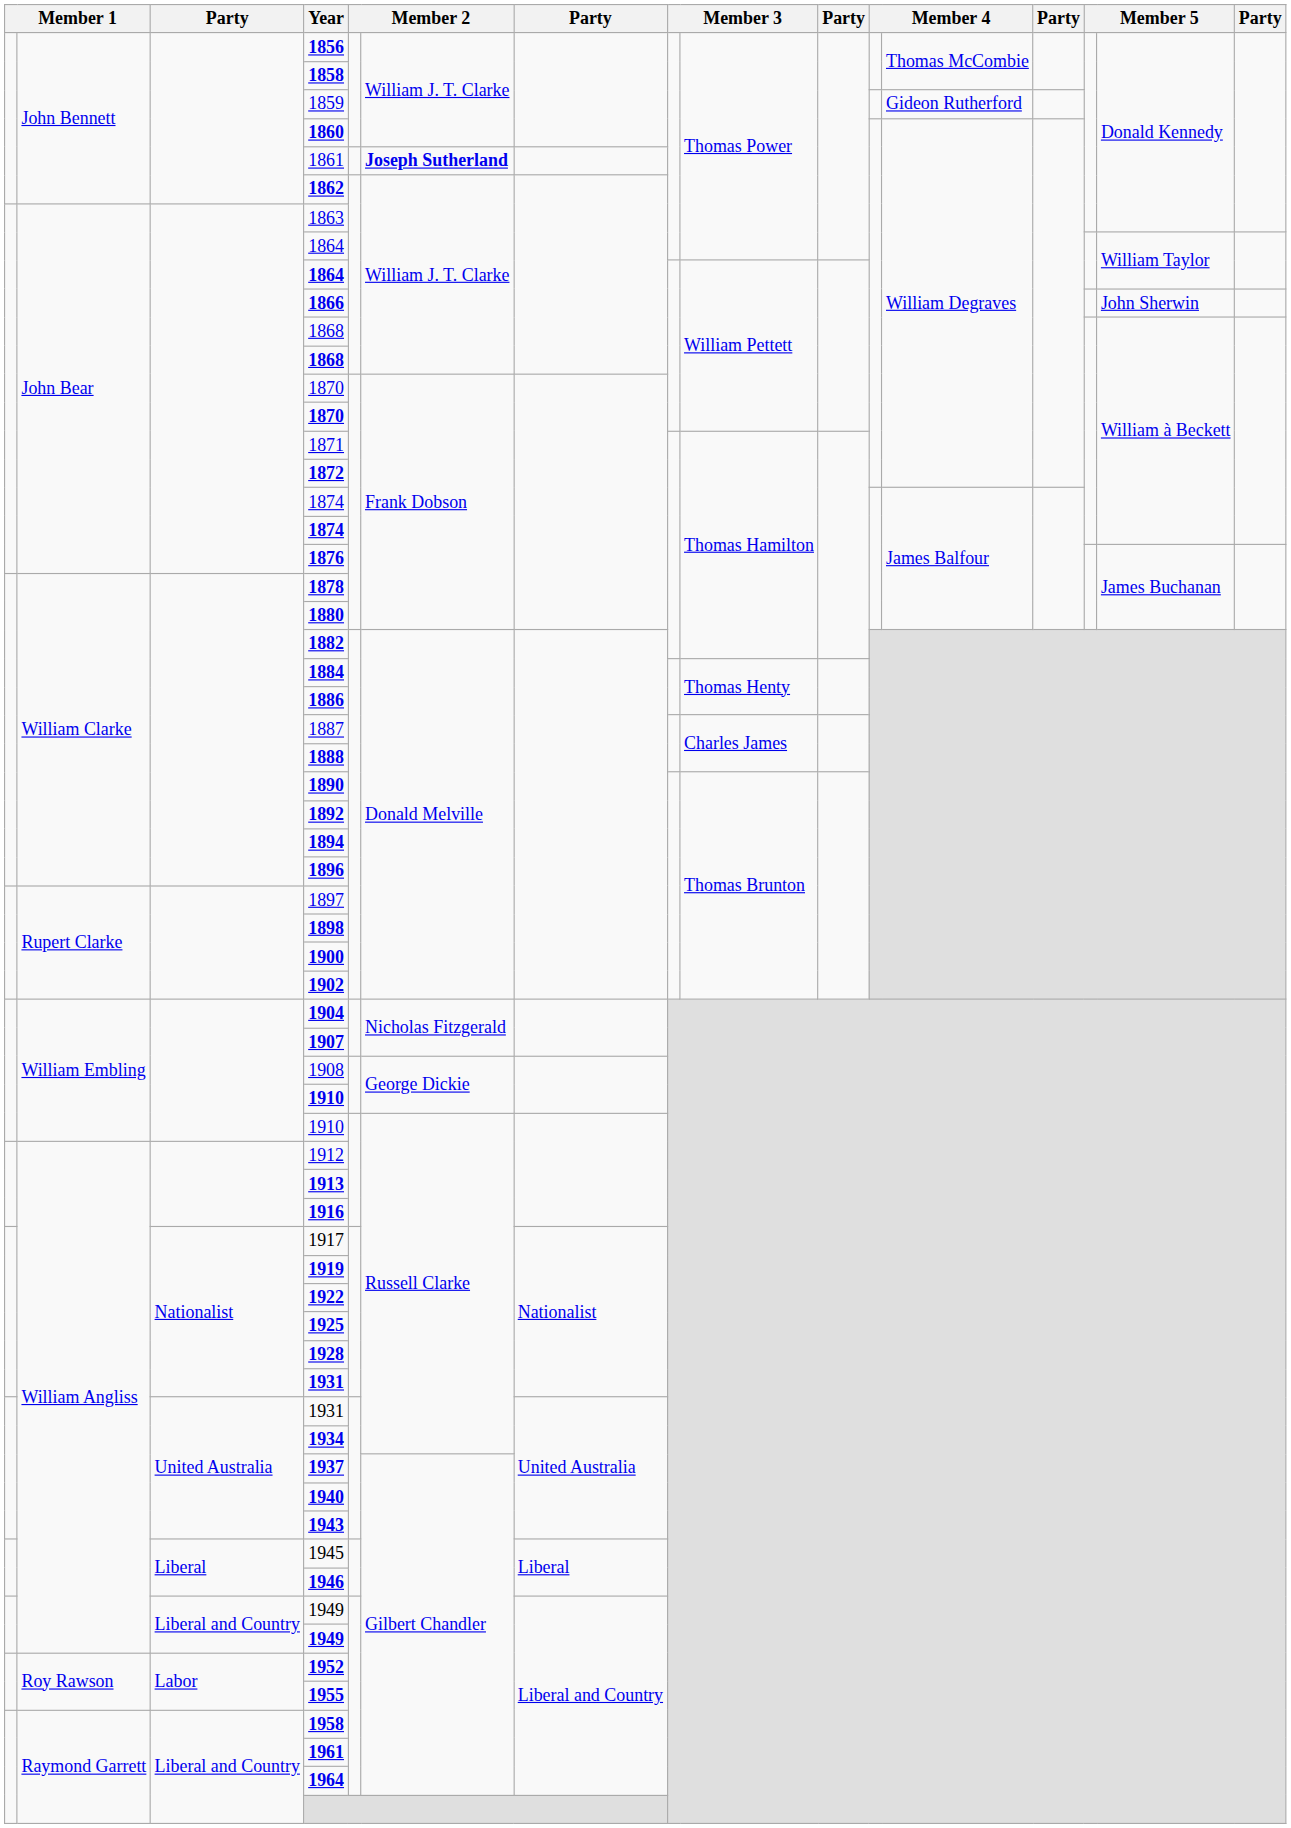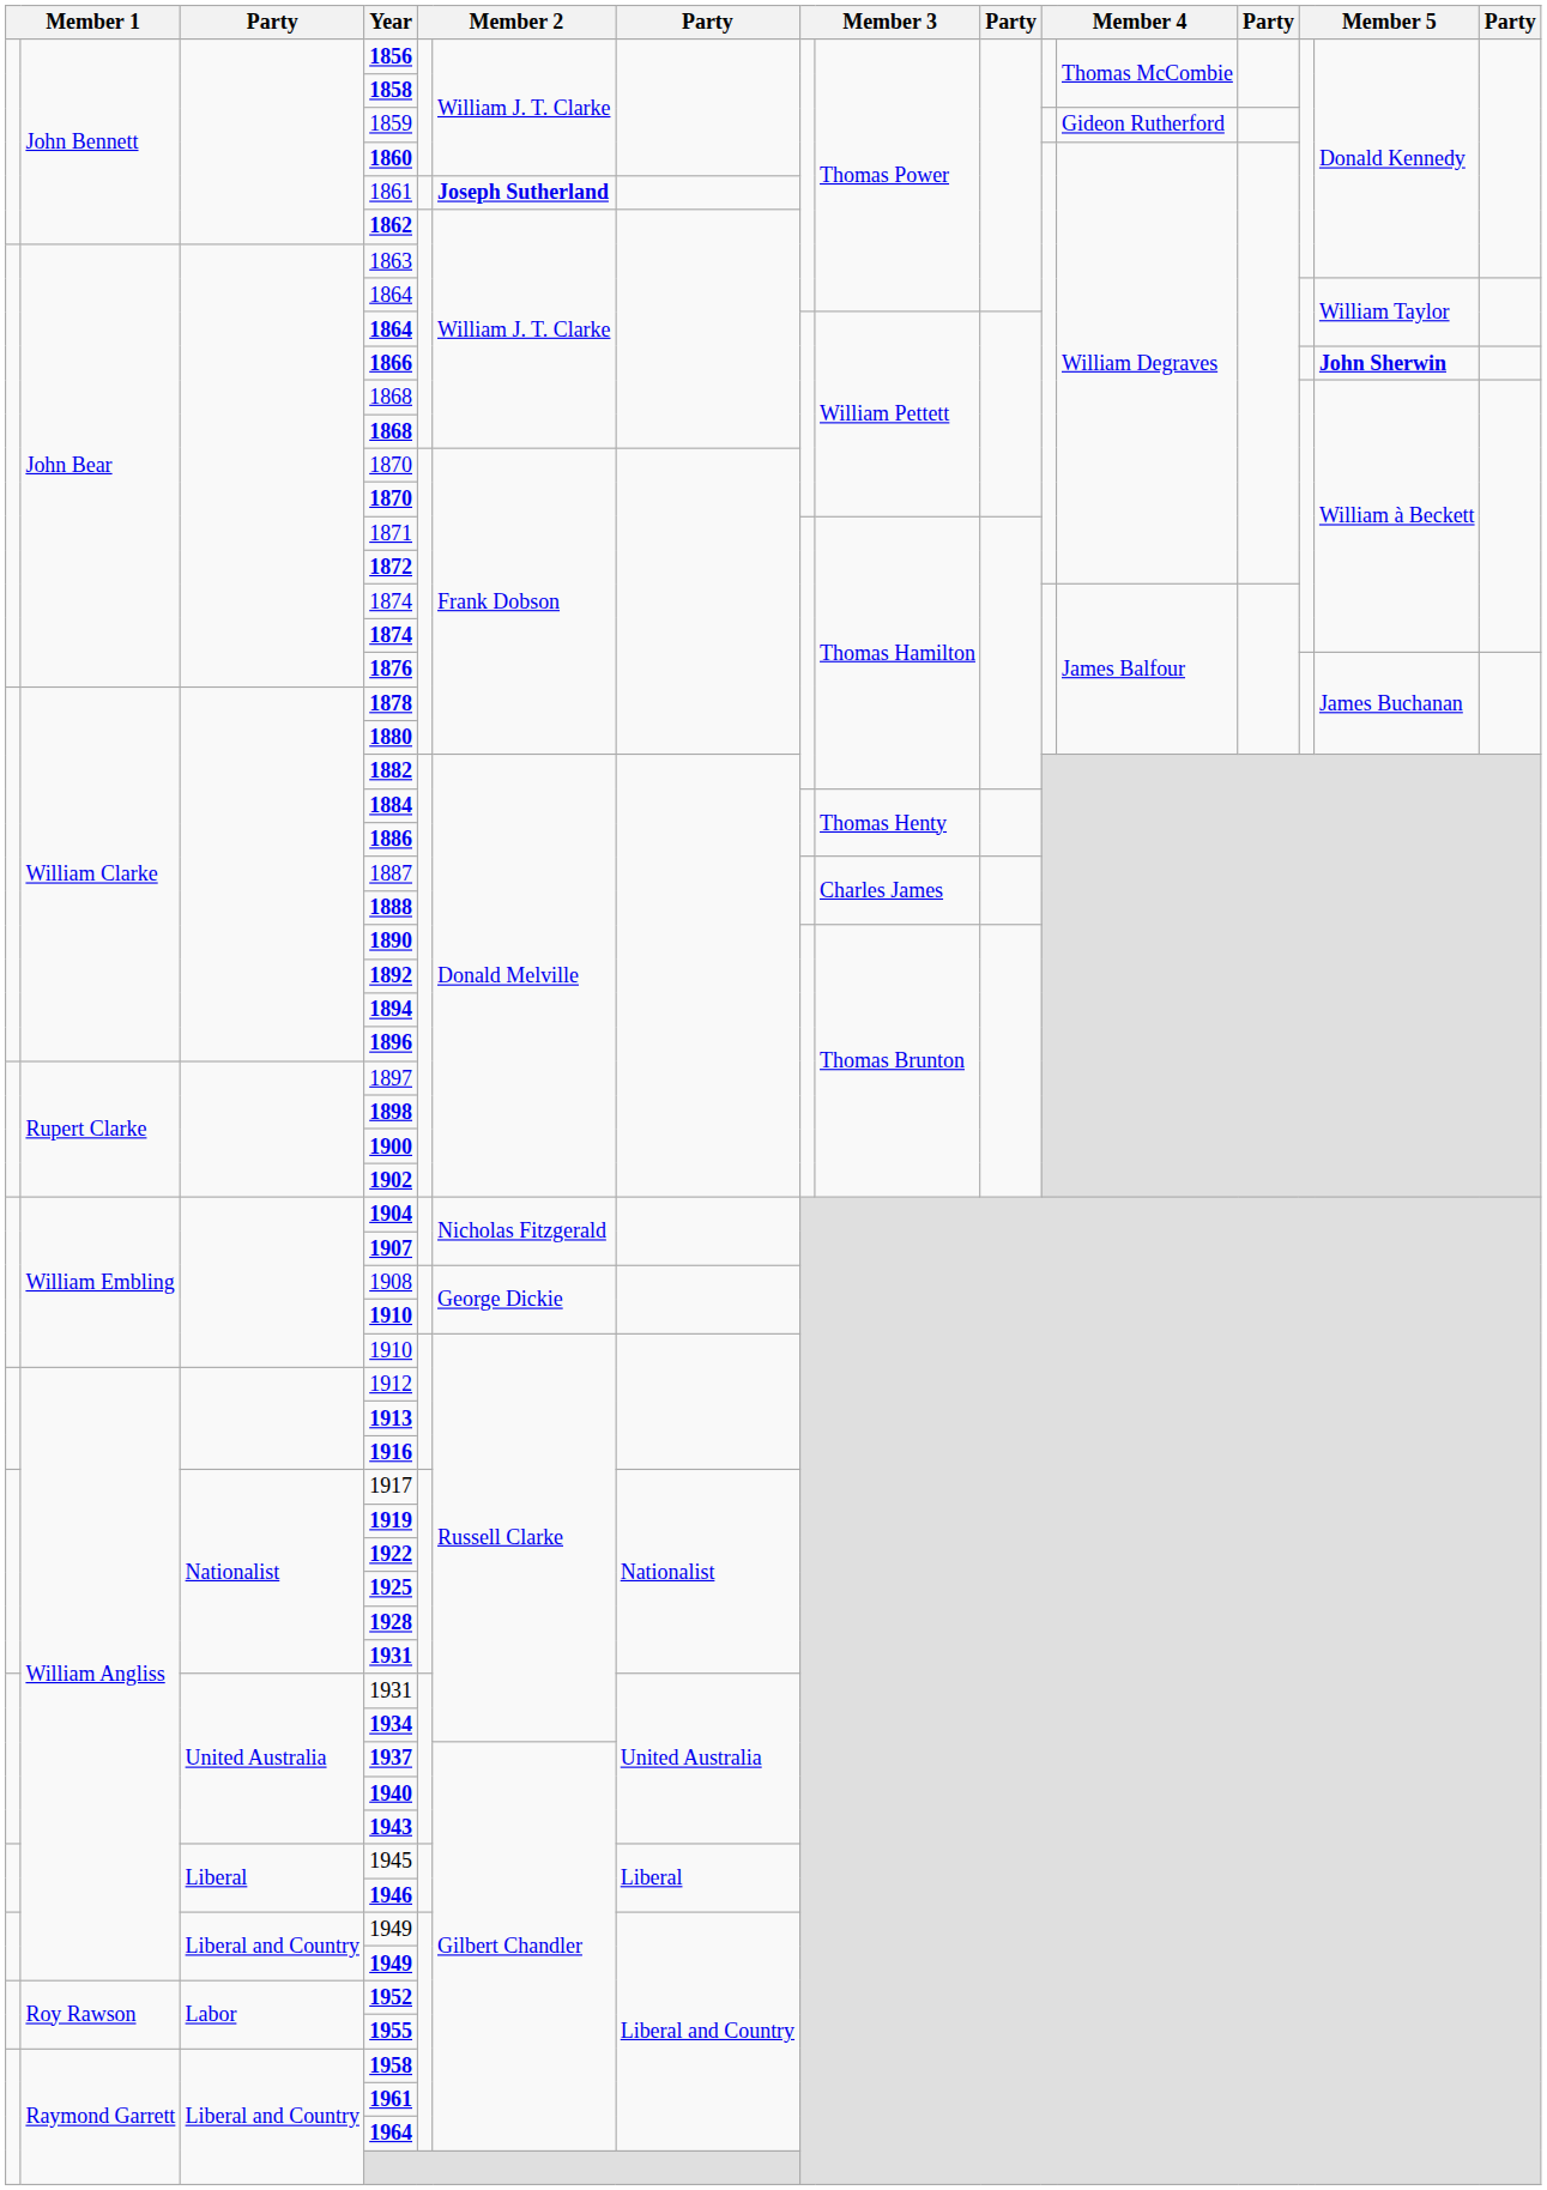 <table class="wikitable">
 <tr>
 <th colspan=2>Member 1</th>
 <th>Party</th>
 <th>Year</th>
 <th colspan=2>Member 2</th>
 <th>Party</th>
 <th colspan=2>Member 3</th>
 <th>Party</th>
 <th colspan=2>Member 4</th>
 <th>Party</th>
 <th colspan=2>Member 5</th>
 <th>Party</th>
 </tr>
 <tr>
 <td rowspan=6 > </td>
 <td rowspan=6><a href='#'>John Bennett</a></td>
 <td rowspan=6> </td>
 <td><strong><a href='#'>1856</a></strong></td>
 <td rowspan=4 > </td>
 <td rowspan=4><a href='#'>William J. T. Clarke</a></td>
 <td rowspan=4> </td>
 <td rowspan=8 > </td>
 <td rowspan=8><a href='#'>Thomas Power</a></td>
 <td rowspan=8> </td>
 <td rowspan=2 > </td>
 <td rowspan=2><a href='#'>Thomas McCombie</a></td>
 <td rowspan=2> </td>
 <td rowspan=7 > </td>
 <td rowspan=7><a href='#'>Donald Kennedy</a></td>
 <td rowspan=7> </td>
 </tr>
 <tr>
 <td><strong><a href='#'>1858</a></strong></td>
 </tr>
 <tr>
 <td><a href='#'>1859</a></td>
 <td> </td>
 <td><a href='#'>Gideon Rutherford</a></td>
 <td> </td>
 </tr>
 <tr>
 <td><strong><a href='#'>1860</a></strong></td>
 <td rowspan=13 > </td>
 <td rowspan=13><a href='#'>William Degraves</a></td>
 <td rowspan=13> </td>
 </tr>
 <tr>
 <td><a href='#'>1861</a></td>
 <td> </td>
 <td><strong><a href='#'>Joseph Sutherland</a></strong></td>
 <td> </td>
 </tr>
 <tr>
 <td><strong><a href='#'>1862</a></strong></td>
 <td rowspan=7 > </td>
 <td rowspan=7><a href='#'>William J. T. Clarke</a></td>
 <td rowspan=7> </td>
 </tr>
 <tr>
 <td rowspan=13 > </td>
 <td rowspan=13><a href='#'>John Bear</a></td>
 <td rowspan=13> </td>
 <td><a href='#'>1863</a></td>
 </tr>
 <tr>
 <td><a href='#'>1864</a></td>
 <td rowspan=2 > </td>
 <td rowspan=2><a href='#'>William Taylor</a></td>
 <td rowspan=2> </td>
 </tr>
 <tr>
 <td><strong><a href='#'>1864</a></strong></td>
 <td rowspan=6 > </td>
 <td rowspan=6><a href='#'>William Pettett</a></td>
 <td rowspan=6> </td>
 </tr>
 <tr>
 <td><strong><a href='#'>1866</a></strong></td>
 <td> </td>
-<td><a href='#'>John Sherwin</a></td>
+<td><strong><a href='#'>John Sherwin</a></strong></td>
 <td> </td>
 </tr>
 <tr>
 <td><a href='#'>1868</a></td>
 <td rowspan=8 > </td>
 <td rowspan=8><a href='#'>William à Beckett</a></td>
 <td rowspan=8> </td>
 </tr>
 <tr>
 <td><strong><a href='#'>1868</a></strong></td>
 </tr>
 <tr>
 <td><a href='#'>1870</a></td>
 <td rowspan=9 > </td>
 <td rowspan=9><a href='#'>Frank Dobson</a></td>
 <td rowspan=9> </td>
 </tr>
 <tr>
 <td><strong><a href='#'>1870</a></strong></td>
 </tr>
 <tr>
 <td><a href='#'>1871</a></td>
 <td rowspan=8 > </td>
 <td rowspan=8><a href='#'>Thomas Hamilton</a></td>
 <td rowspan=8> </td>
 </tr>
 <tr>
 <td><strong><a href='#'>1872</a></strong></td>
 </tr>
 <tr>
 <td><a href='#'>1874</a></td>
 <td rowspan=5 > </td>
 <td rowspan=5><a href='#'>James Balfour</a></td>
 <td rowspan=5> </td>
 </tr>
 <tr>
 <td><strong><a href='#'>1874</a></strong></td>
 </tr>
 <tr>
 <td><strong><a href='#'>1876</a></strong></td>
 <td rowspan=3 > </td>
 <td rowspan=3><a href='#'>James Buchanan</a></td>
 <td rowspan=3> </td>
 </tr>
 <tr>
 <td rowspan=11 > </td>
 <td rowspan=11><a href='#'>William Clarke</a></td>
 <td rowspan=11> </td>
 <td><strong><a href='#'>1878</a></strong></td>
 </tr>
 <tr>
 <td><strong><a href='#'>1880</a></strong></td>
 </tr>
 <tr>
 <td><strong><a href='#'>1882</a></strong></td>
 <td rowspan=13 > </td>
 <td rowspan=13><a href='#'>Donald Melville</a></td>
 <td rowspan=13> </td>
 <td rowspan=13 colspan=6 bgcolor=#DFDFDF> </td>
 </tr>
 <tr>
 <td><strong><a href='#'>1884</a></strong></td>
 <td rowspan=2 > </td>
 <td rowspan=2><a href='#'>Thomas Henty</a></td>
 <td rowspan=2> </td>
 </tr>
 <tr>
 <td><strong><a href='#'>1886</a></strong></td>
 </tr>
 <tr>
 <td><a href='#'>1887</a></td>
 <td rowspan=2 > </td>
 <td rowspan=2><a href='#'>Charles James</a></td>
 <td rowspan=2> </td>
 </tr>
 <tr>
 <td><strong><a href='#'>1888</a></strong></td>
 </tr>
 <tr>
 <td><strong><a href='#'>1890</a></strong></td>
 <td rowspan=8 > </td>
 <td rowspan=8><a href='#'>Thomas Brunton</a></td>
 <td rowspan=8> </td>
 </tr>
 <tr>
 <td><strong><a href='#'>1892</a></strong></td>
 </tr>
 <tr>
 <td><strong><a href='#'>1894</a></strong></td>
 </tr>
 <tr>
 <td><strong><a href='#'>1896</a></strong></td>
 </tr>
 <tr>
 <td rowspan=4 > </td>
 <td rowspan=4><a href='#'>Rupert Clarke</a></td>
 <td rowspan=4> </td>
 <td><a href='#'>1897</a></td>
 </tr>
 <tr>
 <td><strong><a href='#'>1898</a></strong></td>
 </tr>
 <tr>
 <td><strong><a href='#'>1900</a></strong></td>
 </tr>
 <tr>
 <td><strong><a href='#'>1902</a></strong></td>
 </tr>
 <tr>
 <td rowspan=5 > </td>
 <td rowspan=5><a href='#'>William Embling</a></td>
 <td rowspan=5> </td>
 <td><strong><a href='#'>1904</a></strong></td>
 <td rowspan=2 > </td>
 <td rowspan=2><a href='#'>Nicholas Fitzgerald</a></td>
 <td rowspan=2> </td>
 <td rowspan=29 colspan=9 bgcolor=#DFDFDF> </td>
 </tr>
 <tr>
 <td><strong><a href='#'>1907</a></strong></td>
 </tr>
 <tr>
 <td><a href='#'>1908</a></td>
 <td rowspan=2 > </td>
 <td rowspan=2><a href='#'>George Dickie</a></td>
 <td rowspan=2> </td>
 </tr>
 <tr>
 <td><strong><a href='#'>1910</a></strong></td>
 </tr>
 <tr>
 <td><a href='#'>1910</a></td>
 <td rowspan=4 > </td>
 <td rowspan=12><a href='#'>Russell Clarke</a></td>
 <td rowspan=4> </td>
 </tr>
 <tr>
 <td rowspan=3 > </td>
 <td rowspan=18><a href='#'>William Angliss</a></td>
 <td rowspan=3> </td>
 <td><a href='#'>1912</a></td>
 </tr>
 <tr>
 <td><strong><a href='#'>1913</a></strong></td>
 </tr>
 <tr>
 <td><strong><a href='#'>1916</a></strong></td>
 </tr>
 <tr>
 <td rowspan=6 > </td>
 <td rowspan=6><a href='#'>Nationalist</a></td>
 <td>1917</td>
 <td rowspan=6 > </td>
 <td rowspan=6><a href='#'>Nationalist</a></td>
 </tr>
 <tr>
 <td><strong><a href='#'>1919</a></strong></td>
 </tr>
 <tr>
 <td><strong><a href='#'>1922</a></strong></td>
 </tr>
 <tr>
 <td><strong><a href='#'>1925</a></strong></td>
 </tr>
 <tr>
 <td><strong><a href='#'>1928</a></strong></td>
 </tr>
 <tr>
 <td><strong><a href='#'>1931</a></strong></td>
 </tr>
 <tr>
 <td rowspan=5 > </td>
 <td rowspan=5><a href='#'>United Australia</a></td>
 <td>1931</td>
 <td rowspan=5 > </td>
 <td rowspan=5><a href='#'>United Australia</a></td>
 </tr>
 <tr>
 <td><strong><a href='#'>1934</a></strong></td>
 </tr>
 <tr>
 <td><strong><a href='#'>1937</a></strong></td>
 <td rowspan=12><a href='#'>Gilbert Chandler</a></td>
 </tr>
 <tr>
 <td><strong><a href='#'>1940</a></strong></td>
 </tr>
 <tr>
 <td><strong><a href='#'>1943</a></strong></td>
 </tr>
 <tr>
 <td rowspan=2 > </td>
 <td rowspan=2><a href='#'>Liberal</a></td>
 <td>1945</td>
 <td rowspan=2 > </td>
 <td rowspan=2><a href='#'>Liberal</a></td>
 </tr>
 <tr>
 <td><strong><a href='#'>1946</a></strong></td>
 </tr>
 <tr>
 <td rowspan=2 > </td>
 <td rowspan=2><a href='#'>Liberal and Country</a></td>
 <td>1949</td>
 <td rowspan=7 > </td>
 <td rowspan=7><a href='#'>Liberal and Country</a></td>
 </tr>
 <tr>
 <td><strong><a href='#'>1949</a></strong></td>
 </tr>
 <tr>
 <td rowspan=2 > </td>
 <td rowspan=2><a href='#'>Roy Rawson</a></td>
 <td rowspan=2><a href='#'>Labor</a></td>
 <td><strong><a href='#'>1952</a></strong></td>
 </tr>
 <tr>
 <td><strong><a href='#'>1955</a></strong></td>
 </tr>
 <tr>
 <td rowspan=4 > </td>
 <td rowspan=4><a href='#'>Raymond Garrett</a></td>
 <td rowspan=4><a href='#'>Liberal and Country</a></td>
 <td><strong><a href='#'>1958</a></strong></td>
 </tr>
 <tr>
 <td><strong><a href='#'>1961</a></strong></td>
 </tr>
 <tr>
 <td><strong><a href='#'>1964</a></strong></td>
 </tr>
 <tr>
 <td colspan=4 bgcolor=#DFDFDF> </td>
 </tr>
 </table>
